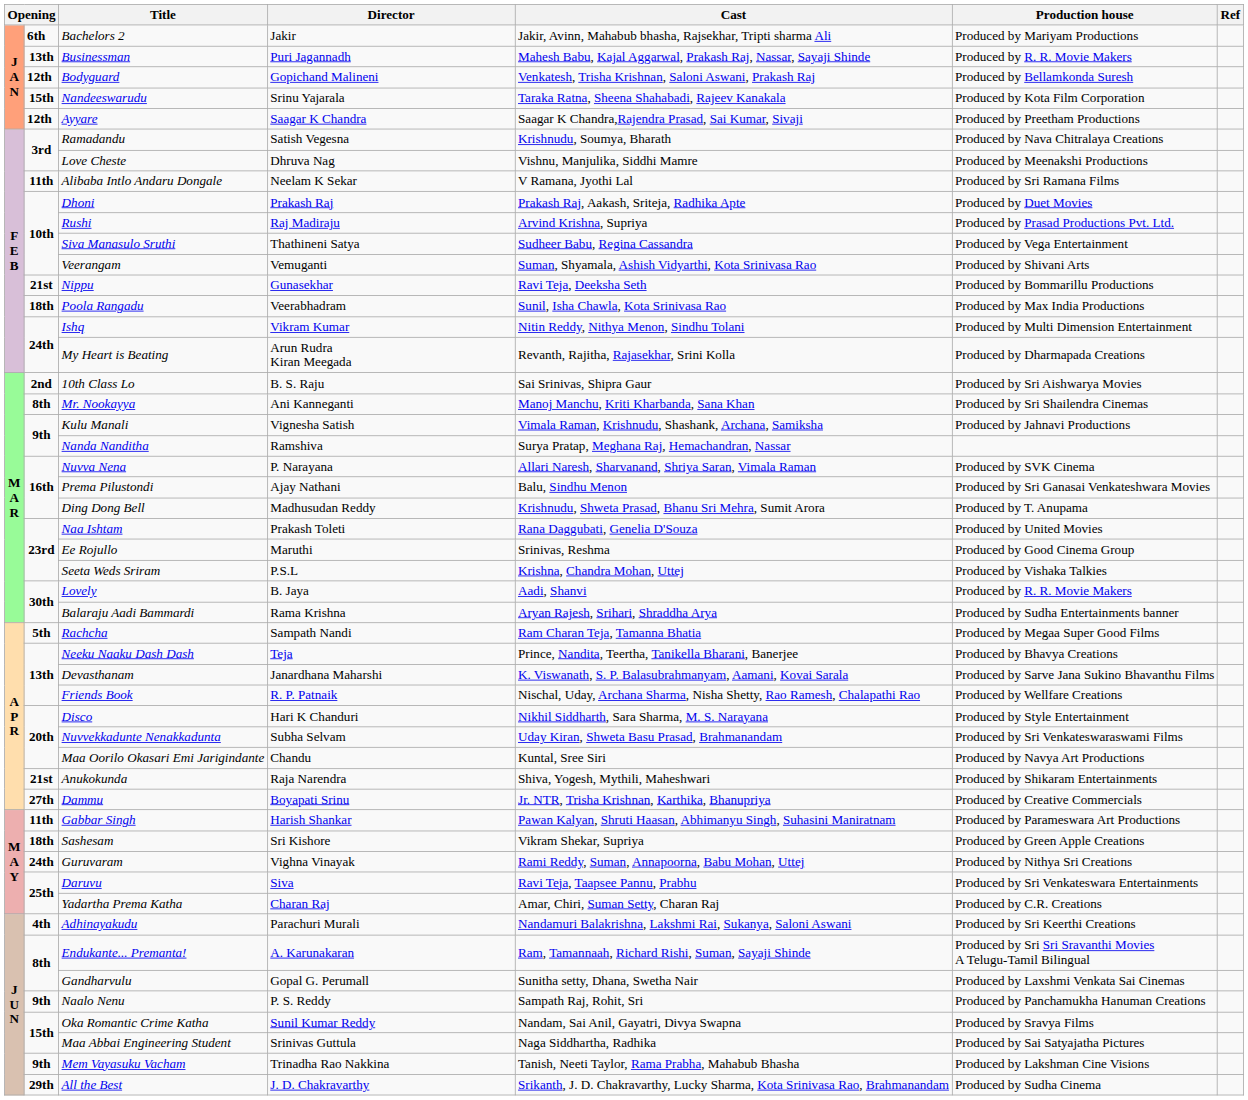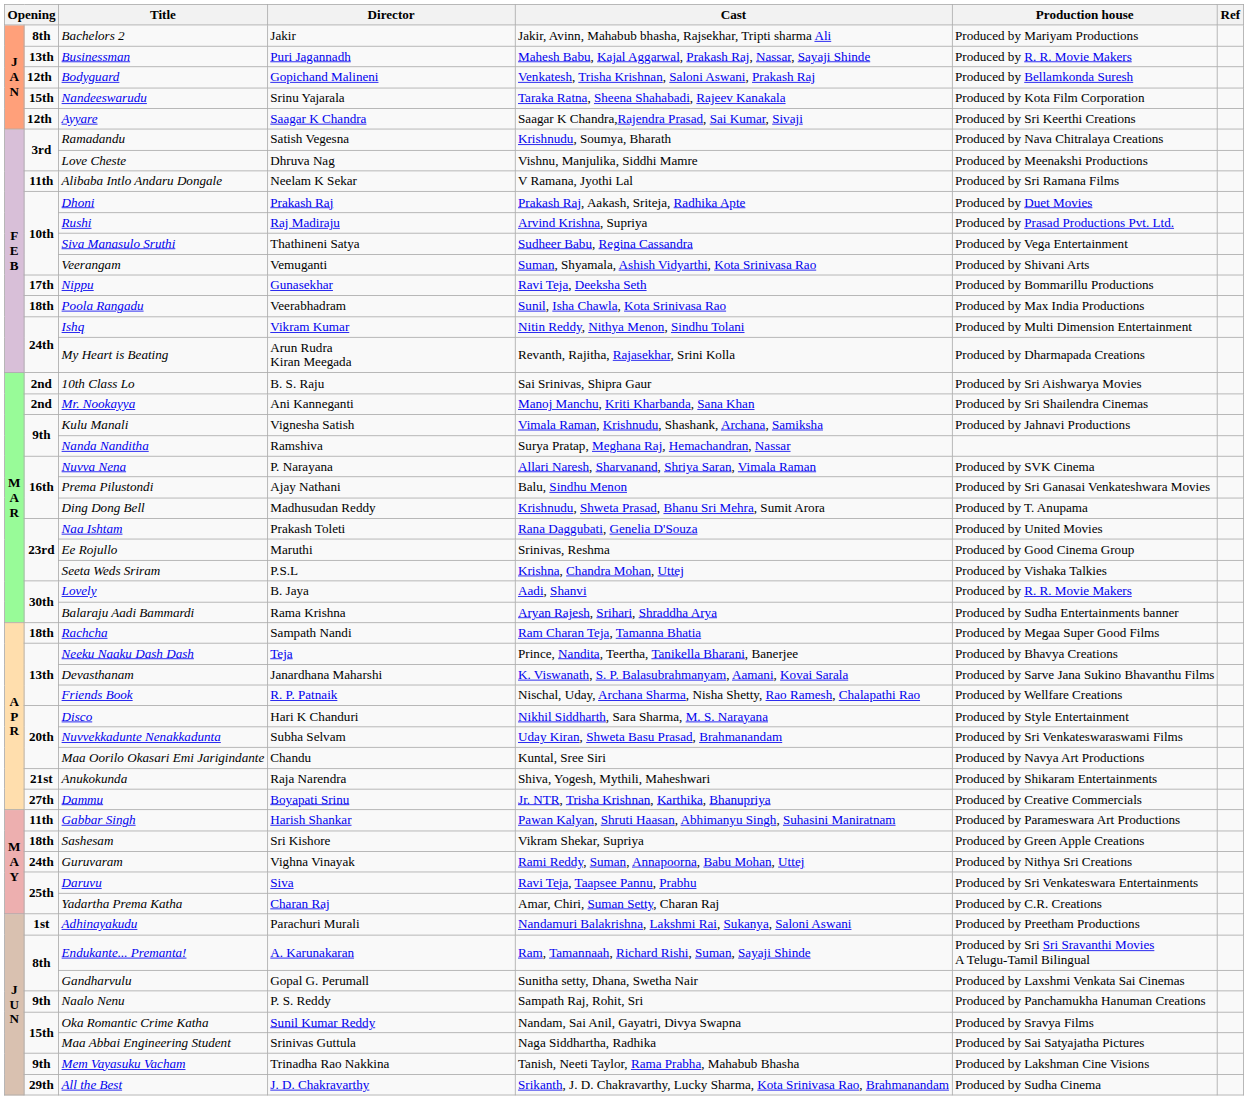 <table class="wikitable sortable">
 <tr style="background:#blue; text-align:center;">
 <th colspan="2">Opening</th>
 <th>Title</th>
 <th style="width:20%;"><strong>Director</strong></th>
 <th>Cast</th>
 <th>Production house</th>
 <th>Ref</th>
 </tr>
 <tr January!>
 <td rowspan="5" style="text-align:center; background:#ffa07a;  ;"><strong>J<br>A<br>N</strong></td>
-<td><strong>6th</strong></td>
+<td style="text-align:center;"><strong>8th</strong></td>
 <td><em>Bachelors 2</em></td>
 <td>Jakir</td>
 <td>Jakir, Avinn, Mahabub bhasha, Rajsekhar, Tripti sharma <a href='#'>Ali</a></td>
 <td>Produced by Mariyam Productions</td>
 <td></td>
 </tr>
 <tr>
 <td style="text-align:center;"><strong>13th</strong></td>
 <td><em><a href='#'>Businessman</a></em></td>
 <td><a href='#'>Puri Jagannadh</a></td>
 <td><a href='#'>Mahesh Babu</a>, <a href='#'>Kajal Aggarwal</a>, <a href='#'>Prakash Raj</a>, <a href='#'>Nassar</a>, <a href='#'>Sayaji Shinde</a></td>
 <td>Produced by <a href='#'>R. R. Movie Makers</a></td>
 <td></td>
 </tr>
 <tr>
 <td style="text-align:cen"><strong>12th</strong></td>
 <td><em><a href='#'>Bodyguard</a></em></td>
 <td><a href='#'>Gopichand Malineni</a></td>
 <td><a href='#'>Venkatesh</a>, <a href='#'>Trisha Krishnan</a>, <a href='#'>Saloni Aswani</a>, <a href='#'>Prakash Raj</a></td>
 <td>Produced by <a href='#'>Bellamkonda Suresh</a></td>
 <td></td>
 </tr>
 <tr>
 <td style="text-align:center;"><strong>15th</strong></td>
 <td><em><a href='#'>Nandeeswarudu</a></em></td>
 <td>Srinu Yajarala</td>
 <td><a href='#'>Taraka Ratna</a>, <a href='#'>Sheena Shahabadi</a>, <a href='#'>Rajeev Kanakala</a></td>
 <td>Produced by Kota Film Corporation</td>
 <td></td>
 </tr>
 <tr>
 <td style="text-align:cen"><strong>12th</strong></td>
 <td><em><a href='#'>Ayyare</a></em></td>
 <td><a href='#'>Saagar K Chandra</a></td>
 <td>Saagar K Chandra,<a href='#'>Rajendra Prasad</a>, <a href='#'>Sai Kumar</a>, <a href='#'>Sivaji</a></td>
-<td>Produced by Preetham Productions</td>
+<td>Produced by Sri Keerthi Creations</td>
 <td></td>
 </tr>
 <tr February!>
 <td rowspan="11" style="text-align:center; background:thistle;  ;"><strong>F<br>E<br>B</strong></td>
 <td rowspan="2" style="text-align:center;"><strong>3rd</strong></td>
 <td><em>Ramadandu</em></td>
 <td>Satish Vegesna</td>
 <td><a href='#'>Krishnudu</a>, Soumya, Bharath</td>
 <td>Produced by Nava Chitralaya Creations</td>
 <td></td>
 </tr>
 <tr>
 <td><em>Love Cheste</em></td>
 <td>Dhruva Nag</td>
 <td>Vishnu, Manjulika, Siddhi Mamre</td>
 <td>Produced by Meenakshi Productions</td>
 <td></td>
 </tr>
 <tr>
 <td style="text-align:center;"><strong>11th</strong></td>
 <td><em>Alibaba Intlo Andaru Dongale</em></td>
 <td>Neelam K Sekar</td>
 <td>V Ramana, Jyothi Lal</td>
 <td>Produced by Sri Ramana Films</td>
 <td></td>
 </tr>
 <tr>
 <td rowspan="4" style="text-align:center;"><strong>10th</strong></td>
 <td><em><a href='#'>Dhoni</a></em></td>
 <td><a href='#'>Prakash Raj</a></td>
 <td><a href='#'>Prakash Raj</a>, Aakash, Sriteja, <a href='#'>Radhika Apte</a></td>
 <td>Produced by <a href='#'>Duet Movies</a></td>
 <td></td>
 </tr>
 <tr>
 <td><em><a href='#'>Rushi</a></em></td>
 <td><a href='#'>Raj Madiraju</a></td>
 <td><a href='#'>Arvind Krishna</a>, Supriya</td>
 <td>Produced by <a href='#'>Prasad Productions Pvt. Ltd.</a></td>
 <td></td>
 </tr>
 <tr>
 <td><em><a href='#'>Siva Manasulo Sruthi</a></em></td>
 <td>Thathineni Satya</td>
 <td><a href='#'>Sudheer Babu</a>, <a href='#'>Regina Cassandra</a></td>
 <td>Produced by Vega Entertainment</td>
 <td></td>
 </tr>
 <tr>
 <td><em>Veerangam</em></td>
 <td>Vemuganti</td>
 <td><a href='#'>Suman</a>, Shyamala, <a href='#'>Ashish Vidyarthi</a>, <a href='#'>Kota Srinivasa Rao</a></td>
 <td>Produced by Shivani Arts</td>
 <td></td>
 </tr>
 <tr>
-<td style="text-align:center;"><strong>21st</strong></td>
+<td rowspan="1" style="text-align:center;"><strong>17th</strong></td>
 <td><em><a href='#'>Nippu</a></em></td>
 <td><a href='#'>Gunasekhar</a></td>
 <td><a href='#'>Ravi Teja</a>, <a href='#'>Deeksha Seth</a></td>
 <td>Produced by Bommarillu Productions</td>
 <td></td>
 </tr>
 <tr>
 <td style="text-align:center;"><strong>18th</strong></td>
 <td><em><a href='#'>Poola Rangadu</a></em></td>
 <td>Veerabhadram</td>
 <td><a href='#'>Sunil</a>, <a href='#'>Isha Chawla</a>, <a href='#'>Kota Srinivasa Rao</a></td>
 <td>Produced by Max India Productions</td>
 <td></td>
 </tr>
 <tr>
 <td rowspan="2" style="text-align:center;"><strong>24th</strong></td>
 <td><em><a href='#'>Ishq</a></em></td>
 <td><a href='#'>Vikram Kumar</a></td>
 <td><a href='#'>Nitin Reddy</a>, <a href='#'>Nithya Menon</a>, <a href='#'>Sindhu Tolani</a></td>
 <td>Produced by Multi Dimension Entertainment</td>
 <td></td>
 </tr>
 <tr>
 <td><em>My Heart is Beating</em></td>
 <td>Arun Rudra<br>Kiran Meegada</td>
 <td>Revanth, Rajitha, <a href='#'>Rajasekhar</a>, Srini Kolla</td>
 <td>Produced by Dharmapada Creations</td>
 <td></td>
 </tr>
 <tr March!>
 <td rowspan="12" style="text-align:center; background:#98fb98;  ;"><strong>M<br>A<br>R</strong></td>
 <td style="text-align:center;"><strong>2nd</strong></td>
 <td><em>10th Class Lo</em></td>
 <td>B. S. Raju</td>
 <td>Sai Srinivas, Shipra Gaur</td>
 <td>Produced by Sri Aishwarya Movies</td>
 <td></td>
 </tr>
 <tr>
-<td style="text-align:center;"><strong>8th</strong></td>
+<td style="text-align:center;"><strong>2nd</strong></td>
 <td><em><a href='#'>Mr. Nookayya</a></em></td>
 <td>Ani Kanneganti</td>
 <td><a href='#'>Manoj Manchu</a>, <a href='#'>Kriti Kharbanda</a>, <a href='#'>Sana Khan</a></td>
 <td>Produced by Sri Shailendra Cinemas</td>
 <td></td>
 </tr>
 <tr>
 <td rowspan="2" style="text-align:center;"><strong>9th</strong></td>
 <td><em>Kulu Manali</em></td>
 <td>Vignesha Satish</td>
 <td><a href='#'>Vimala Raman</a>, <a href='#'>Krishnudu</a>, Shashank, <a href='#'>Archana</a>, <a href='#'>Samiksha</a></td>
 <td>Produced by Jahnavi Productions</td>
 <td></td>
 </tr>
 <tr>
 <td><em><a href='#'>Nanda Nanditha</a></em></td>
 <td>Ramshiva</td>
 <td>Surya Pratap, <a href='#'>Meghana Raj</a>, <a href='#'>Hemachandran</a>, <a href='#'>Nassar</a></td>
 <td></td>
 <td></td>
 </tr>
 <tr>
 <td rowspan="3" style="text-align:center;"><strong>16th</strong></td>
 <td><em><a href='#'>Nuvva Nena</a></em></td>
 <td>P. Narayana</td>
 <td><a href='#'>Allari Naresh</a>, <a href='#'>Sharvanand</a>, <a href='#'>Shriya Saran</a>, <a href='#'>Vimala Raman</a></td>
 <td>Produced by SVK Cinema</td>
 <td></td>
 </tr>
 <tr>
 <td><em>Prema Pilustondi</em></td>
 <td>Ajay Nathani</td>
 <td>Balu, <a href='#'>Sindhu Menon</a></td>
 <td>Produced by Sri Ganasai Venkateshwara Movies</td>
 <td></td>
 </tr>
 <tr>
 <td><em>Ding Dong Bell</em></td>
 <td>Madhusudan Reddy</td>
 <td><a href='#'>Krishnudu</a>, <a href='#'>Shweta Prasad</a>, <a href='#'>Bhanu Sri Mehra</a>, Sumit Arora</td>
 <td>Produced by T. Anupama</td>
 <td></td>
 </tr>
 <tr>
 <td rowspan="3" style="text-align:center;"><strong>23rd</strong></td>
 <td><em><a href='#'>Naa Ishtam</a></em></td>
 <td>Prakash Toleti</td>
 <td><a href='#'>Rana Daggubati</a>, <a href='#'>Genelia D'Souza</a></td>
 <td>Produced by United Movies</td>
 <td></td>
 </tr>
 <tr>
 <td><em>Ee Rojullo</em></td>
 <td>Maruthi</td>
 <td>Srinivas, Reshma</td>
 <td>Produced by Good Cinema Group</td>
 <td></td>
 </tr>
 <tr>
 <td><em>Seeta Weds Sriram</em></td>
 <td>P.S.L</td>
 <td><a href='#'>Krishna</a>, <a href='#'>Chandra Mohan</a>, <a href='#'>Uttej</a></td>
 <td>Produced by Vishaka Talkies</td>
 <td></td>
 </tr>
 <tr>
 <td rowspan="2" style="text-align:center;"><strong>30th</strong></td>
 <td><em><a href='#'>Lovely</a></em></td>
 <td>B. Jaya</td>
 <td><a href='#'>Aadi</a>, <a href='#'>Shanvi</a></td>
 <td>Produced by <a href='#'>R. R. Movie Makers</a></td>
 <td></td>
 </tr>
 <tr>
 <td><em>Balaraju Aadi Bammardi</em></td>
 <td>Rama Krishna</td>
 <td><a href='#'>Aryan Rajesh</a>, <a href='#'>Srihari</a>, <a href='#'>Shraddha Arya</a></td>
 <td>Produced by Sudha Entertainments banner</td>
 <td></td>
 </tr>
 <tr April!>
 <td rowspan="9" style="text-align:center; background:#ffdead;  ;"><strong>A<br>P<br>R</strong></td>
-<td style="text-align:center;"><strong>5th</strong></td>
+<td style="text-align:center;"><strong>18th</strong></td>
 <td><em><a href='#'>Rachcha</a></em></td>
 <td>Sampath Nandi</td>
 <td><a href='#'>Ram Charan Teja</a>, <a href='#'>Tamanna Bhatia</a></td>
 <td>Produced by Megaa Super Good Films</td>
 <td></td>
 </tr>
 <tr>
 <td rowspan="3" style="text-align:center;"><strong>13th</strong></td>
 <td><em><a href='#'>Neeku Naaku Dash Dash</a></em></td>
 <td><a href='#'>Teja</a></td>
 <td>Prince, <a href='#'>Nandita</a>, Teertha, <a href='#'>Tanikella Bharani</a>, Banerjee</td>
 <td>Produced by Bhavya Creations</td>
 <td></td>
 </tr>
 <tr>
 <td><em>Devasthanam</em></td>
 <td>Janardhana Maharshi</td>
 <td><a href='#'>K. Viswanath</a>, <a href='#'>S. P. Balasubrahmanyam</a>, <a href='#'>Aamani</a>, <a href='#'>Kovai Sarala</a></td>
 <td>Produced by Sarve Jana Sukino Bhavanthu Films</td>
 <td></td>
 </tr>
 <tr>
 <td><em><a href='#'>Friends Book</a></em></td>
 <td><a href='#'>R. P. Patnaik</a></td>
 <td>Nischal, Uday, <a href='#'>Archana Sharma</a>, Nisha Shetty, <a href='#'>Rao Ramesh</a>, <a href='#'>Chalapathi Rao</a></td>
 <td>Produced by Wellfare Creations</td>
 <td></td>
 </tr>
 <tr>
 <td rowspan="3" style="text-align:center;"><strong>20th</strong></td>
 <td><em><a href='#'>Disco</a></em></td>
 <td>Hari K Chanduri</td>
 <td><a href='#'>Nikhil Siddharth</a>, Sara Sharma, <a href='#'>M. S. Narayana</a></td>
 <td>Produced by Style Entertainment</td>
 <td></td>
 </tr>
 <tr>
 <td><em><a href='#'>Nuvvekkadunte Nenakkadunta</a></em></td>
 <td>Subha Selvam</td>
 <td><a href='#'>Uday Kiran</a>, <a href='#'>Shweta Basu Prasad</a>, <a href='#'>Brahmanandam</a></td>
 <td>Produced by Sri Venkateswaraswami Films</td>
 <td></td>
 </tr>
 <tr>
 <td><em>Maa Oorilo Okasari Emi Jarigindante</em></td>
 <td>Chandu</td>
 <td>Kuntal, Sree Siri</td>
 <td>Produced by Navya Art Productions</td>
 <td></td>
 </tr>
 <tr>
 <td style="text-align:center;"><strong>21st</strong></td>
 <td><em>Anukokunda</em></td>
 <td>Raja Narendra</td>
 <td>Shiva, Yogesh, Mythili, Maheshwari</td>
 <td>Produced by Shikaram Entertainments</td>
 <td></td>
 </tr>
 <tr>
 <td style="text-align:center;"><strong>27th</strong></td>
 <td><em><a href='#'>Dammu</a></em></td>
 <td><a href='#'>Boyapati Srinu</a></td>
 <td><a href='#'>Jr. NTR</a>, <a href='#'>Trisha Krishnan</a>, <a href='#'>Karthika</a>, <a href='#'>Bhanupriya</a></td>
 <td>Produced by Creative Commercials</td>
 <td></td>
 </tr>
 <tr May!>
 <td rowspan="5" style="text-align:center; background:#edafaf;  ;"><strong>M<br>A<br>Y</strong></td>
 <td style="text-align:center;"><strong>11th</strong></td>
 <td><em><a href='#'>Gabbar Singh</a></em></td>
 <td><a href='#'>Harish Shankar</a></td>
 <td><a href='#'>Pawan Kalyan</a>, <a href='#'>Shruti Haasan</a>, <a href='#'>Abhimanyu Singh</a>, <a href='#'>Suhasini Maniratnam</a></td>
 <td>Produced by Parameswara Art Productions</td>
 <td></td>
 </tr>
 <tr>
 <td style="text-align:center;"><strong>18th</strong></td>
 <td><em>Sashesam</em></td>
 <td>Sri Kishore</td>
 <td>Vikram Shekar, Supriya</td>
 <td>Produced by Green Apple Creations</td>
 <td></td>
 </tr>
 <tr>
 <td style="text-align:center;"><strong>24th</strong></td>
 <td><em>Guruvaram</em></td>
 <td>Vighna Vinayak</td>
 <td><a href='#'>Rami Reddy</a>, <a href='#'>Suman</a>, <a href='#'>Annapoorna</a>, <a href='#'>Babu Mohan</a>, <a href='#'>Uttej</a></td>
 <td>Produced by Nithya Sri Creations</td>
 <td></td>
 </tr>
 <tr>
 <td rowspan="2" style="text-align:center;"><strong>25th</strong></td>
 <td><em><a href='#'>Daruvu</a></em></td>
 <td><a href='#'>Siva</a></td>
 <td><a href='#'>Ravi Teja</a>, <a href='#'>Taapsee Pannu</a>, <a href='#'>Prabhu</a></td>
 <td>Produced by Sri Venkateswara Entertainments</td>
 <td></td>
 </tr>
 <tr>
 <td><em>Yadartha Prema Katha</em></td>
 <td><a href='#'>Charan Raj</a></td>
 <td>Amar, Chiri, <a href='#'>Suman Setty</a>, Charan Raj</td>
 <td>Produced by C.R. Creations</td>
 <td></td>
 </tr>
 <tr June!>
 <td rowspan="8" style="text-align:center; background:#d9c1b0;  ;"><strong>J<br>U<br>N</strong></td>
-<td style="text-align:center;"><strong>4th</strong></td>
+<td style="text-align:center;"><strong>1st</strong></td>
 <td><em><a href='#'>Adhinayakudu</a></em></td>
 <td>Parachuri Murali</td>
 <td><a href='#'>Nandamuri Balakrishna</a>, <a href='#'>Lakshmi Rai</a>, <a href='#'>Sukanya</a>, <a href='#'>Saloni Aswani</a></td>
-<td>Produced by Sri Keerthi Creations</td>
+<td>Produced by Preetham Productions</td>
 <td></td>
 </tr>
 <tr>
 <td rowspan="2" style="text-align:center;"><strong>8th</strong></td>
 <td><em><a href='#'>Endukante... Premanta!</a></em></td>
 <td><a href='#'>A. Karunakaran</a></td>
 <td><a href='#'>Ram</a>, <a href='#'>Tamannaah</a>, <a href='#'>Richard Rishi</a>, <a href='#'>Suman</a>, <a href='#'>Sayaji Shinde</a></td>
 <td>Produced by Sri <a href='#'>Sri Sravanthi Movies</a><br>A Telugu-Tamil Bilingual</td>
 <td></td>
 </tr>
 <tr>
 <td><em>Gandharvulu</em></td>
 <td>Gopal G. Perumall</td>
 <td>Sunitha setty, Dhana, Swetha Nair</td>
 <td>Produced by Laxshmi Venkata Sai Cinemas</td>
 <td></td>
 </tr>
 <tr>
 <td style="text-align:center;"><strong>9th</strong></td>
 <td><em>Naalo Nenu</em></td>
 <td>P. S. Reddy</td>
 <td>Sampath Raj, Rohit, Sri</td>
 <td>Produced by Panchamukha Hanuman Creations</td>
 <td></td>
 </tr>
 <tr>
 <td rowspan="2" style="text-align:center;"><strong>15th</strong></td>
 <td><em>Oka Romantic Crime Katha</em></td>
 <td><a href='#'>Sunil Kumar Reddy</a></td>
 <td>Nandam, Sai Anil, Gayatri, Divya Swapna</td>
 <td>Produced by Sravya Films</td>
 <td></td>
 </tr>
 <tr>
 <td><em>Maa Abbai Engineering Student</em></td>
 <td>Srinivas Guttula</td>
 <td>Naga Siddhartha, Radhika</td>
 <td>Produced by Sai Satyajatha Pictures</td>
 <td></td>
 </tr>
 <tr>
 <td style="text-align:center;"><strong>9th</strong></td>
 <td><em><a href='#'>Mem Vayasuku Vacham</a></em></td>
 <td>Trinadha Rao Nakkina</td>
 <td>Tanish, Neeti Taylor, <a href='#'>Rama Prabha</a>, Mahabub Bhasha</td>
 <td>Produced by Lakshman Cine Visions</td>
 <td></td>
 </tr>
 <tr>
 <td rowspan="1" style="text-align:center;"><strong>29th</strong></td>
 <td><em><a href='#'>All the Best</a></em></td>
 <td><a href='#'>J. D. Chakravarthy</a></td>
 <td><a href='#'>Srikanth</a>, J. D. Chakravarthy, Lucky Sharma, <a href='#'>Kota Srinivasa Rao</a>, <a href='#'>Brahmanandam</a></td>
 <td>Produced by Sudha Cinema</td>
 <td></td>
 </tr>
 </table>
